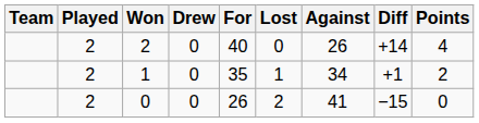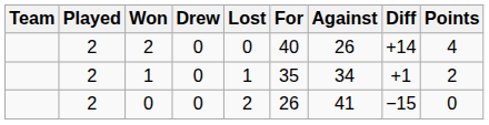 <table class="wikitable" style="text-align:center">
 <tr>
 <th>Team</th>
 <th>Played</th>
 <th>Won</th>
 <th>Drew</th>
+<th>Lost</th>
 <th>For</th>
-<th>Lost</th>
 <th>Against</th>
 <th>Diff</th>
 <th>Points</th>
 </tr>
 <tr>
 <td align=left></td>
 <td>2</td>
 <td>2</td>
 <td>0</td>
+<td>0</td>
 <td>40</td>
-<td>0</td>
 <td>26</td>
 <td>+14</td>
 <td>4</td>
 </tr>
 <tr>
 <td align=left></td>
 <td>2</td>
 <td>1</td>
 <td>0</td>
+<td>1</td>
 <td>35</td>
-<td>1</td>
 <td>34</td>
 <td>+1</td>
 <td>2</td>
 </tr>
 <tr>
 <td align=left></td>
 <td>2</td>
 <td>0</td>
 <td>0</td>
+<td>2</td>
 <td>26</td>
-<td>2</td>
 <td>41</td>
 <td>−15</td>
 <td>0</td>
 </tr>
 </table>
